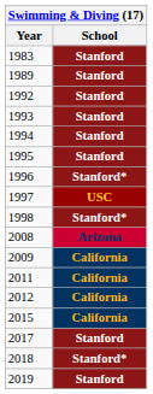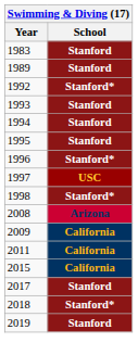 <table class="wikitable">
 <tr>
 <th colspan=2><a href='#'>Swimming & Diving</a> (17)</th>
 </tr>
 <tr>
 <th>Year</th>
 <th>School</th>
 </tr>
 <tr>
 <td>1983</td>
 <th style="background:#8C1515; color:#FFFFFF;">Stanford</th>
 </tr>
 <tr>
 <td>1989</td>
 <th style="background:#8C1515; color:#FFFFFF;">Stanford</th>
 </tr>
 <tr>
 <td>1992</td>
-<th style="background:#8C1515; color:#FFFFFF;">Stanford</th>
+<th style="background:#8C1515; color:#FFFFFF;">Stanford*</th>
 </tr>
 <tr>
 <td>1993</td>
 <th style="background:#8C1515; color:#FFFFFF;">Stanford</th>
 </tr>
 <tr>
 <td>1994</td>
 <th style="background:#8C1515; color:#FFFFFF;">Stanford</th>
 </tr>
 <tr>
 <td>1995</td>
 <th style="background:#8C1515; color:#FFFFFF;">Stanford</th>
 </tr>
 <tr>
 <td>1996</td>
 <th style="background:#8C1515; color:#FFFFFF;">Stanford*</th>
 </tr>
 <tr>
 <td>1997</td>
 <th style="background:#990000; color:#FFC72C;">USC</th>
 </tr>
 <tr>
 <td>1998</td>
 <th style="background:#8C1515; color:#FFFFFF;">Stanford*</th>
 </tr>
 <tr>
 <td>2008</td>
 <th style="background:#CC0033; color:#003366;">Arizona</th>
 </tr>
 <tr>
 <td>2009</td>
 <th style="background:#003262; color:#FDB515;">California</th>
 </tr>
 <tr>
 <td>2011</td>
 <th style="background:#003262; color:#FDB515;">California</th>
 </tr>
 <tr>
-<td>2012</td>
-<th style="background:#003262; color:#FDB515;">California</th>
-</tr>
-<tr>
 <td>2015</td>
 <th style="background:#003262; color:#FDB515;">California</th>
 </tr>
 <tr>
 <td>2017</td>
 <th style="background:#8C1515; color:#FFFFFF;">Stanford</th>
 </tr>
 <tr>
 <td>2018</td>
 <th style="background:#8C1515; color:#FFFFFF;">Stanford*</th>
 </tr>
 <tr>
 <td>2019</td>
 <th style="background:#8C1515; color:#FFFFFF;">Stanford</th>
 </tr>
 </table>
